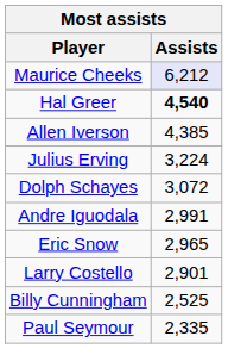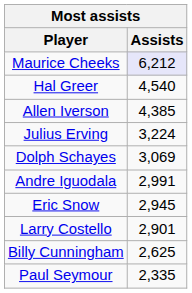 <table class="wikitable sortable" style="text-align:center">
 <tr>
 <th colspan="5" style="text-align:center; ">Most assists</th>
 </tr>
 <tr>
 <th style="text-align:center; ">Player</th>
 <th style="text-align:center; ">Assists</th>
 </tr>
 <tr>
 <td><a href='#'>Maurice Cheeks</a></td>
 <td style="background: lavender;">6,212</td>
 </tr>
 <tr>
 <td><a href='#'>Hal Greer</a></td>
-<td><strong>4,540</strong></td>
+<td>4,540</td>
 </tr>
 <tr>
 <td><a href='#'>Allen Iverson</a></td>
 <td>4,385</td>
 </tr>
 <tr>
 <td><a href='#'>Julius Erving</a></td>
 <td>3,224</td>
 </tr>
 <tr>
 <td><a href='#'>Dolph Schayes</a></td>
-<td>3,072</td>
+<td>3,069</td>
 </tr>
 <tr>
 <td><a href='#'>Andre Iguodala</a></td>
 <td>2,991</td>
 </tr>
 <tr>
 <td><a href='#'>Eric Snow</a></td>
-<td>2,965</td>
+<td>2,945</td>
 </tr>
 <tr>
 <td><a href='#'>Larry Costello</a></td>
 <td>2,901</td>
 </tr>
 <tr>
 <td><a href='#'>Billy Cunningham</a></td>
-<td>2,525</td>
+<td>2,625</td>
 </tr>
 <tr>
 <td><a href='#'>Paul Seymour</a></td>
 <td>2,335</td>
 </tr>
 </table>
